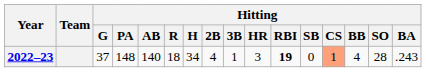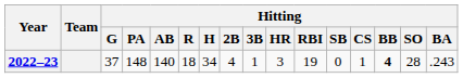 <table class="wikitable" style="text-align:center;">
 <tr>
 <th rowspan="2">Year</th>
 <th rowspan="2">Team</th>
 <th colspan="14">Hitting</th>
 </tr>
 <tr>
 <th>G</th>
 <th>PA</th>
 <th>AB</th>
 <th>R</th>
 <th>H</th>
 <th>2B</th>
 <th>3B</th>
 <th>HR</th>
 <th>RBI</th>
 <th>SB</th>
 <th>CS</th>
 <th>BB</th>
 <th>SO</th>
 <th>BA</th>
 </tr>
 <tr>
 <th><a href='#'>2022–23</a></th>
 <th><a href='#'></a></th>
 <td>37</td>
 <td>148</td>
 <td>140</td>
 <td>18</td>
 <td>34</td>
 <td>4</td>
 <td>1</td>
 <td>3</td>
-<td><strong>19</strong></td>
+<td>19</td>
 <td>0</td>
-<td style="background: lightsalmon;">1</td>
-<td>4</td>
+<td>1</td>
+<td><strong>4</strong></td>
 <td>28</td>
 <td>.243</td>
 </tr>
 </table>
